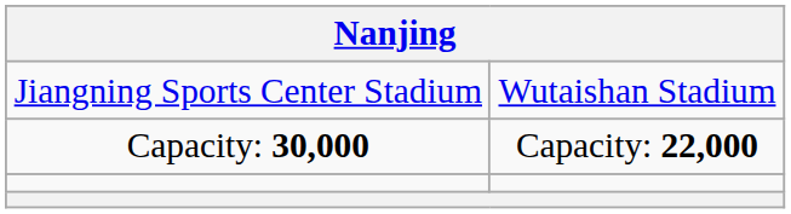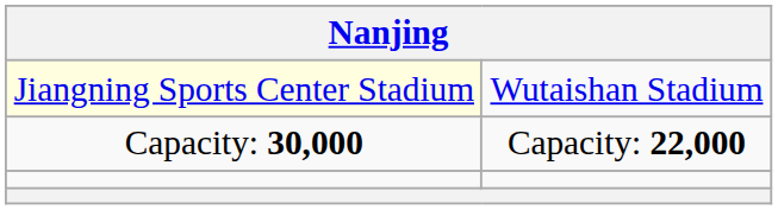 <table class="wikitable" style="text-align:center">
 <tr>
 <th colspan="2"><a href='#'>Nanjing</a></th>
 </tr>
 <tr>
-<td><a href='#'>Jiangning Sports Center Stadium</a></td>
+<td style="background: lightyellow;"><a href='#'>Jiangning Sports Center Stadium</a></td>
 <td><a href='#'>Wutaishan Stadium</a></td>
 </tr>
 <tr>
 <td>Capacity: <strong>30,000</strong></td>
 <td>Capacity: <strong>22,000</strong></td>
 </tr>
 <tr>
 <td></td>
 <td></td>
 </tr>
 <tr>
 <th colspan="2" rowspan="4"></th>
 </tr>
 </table>
